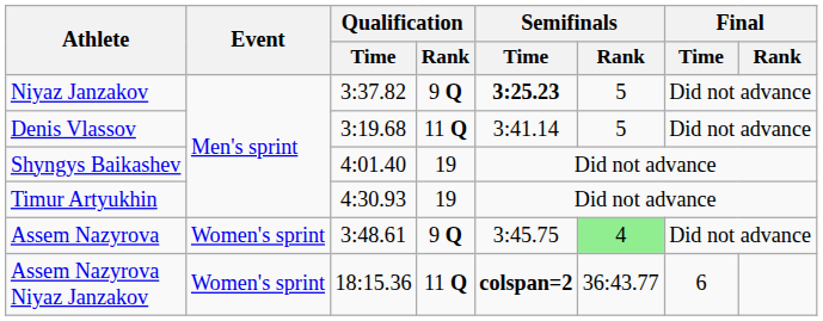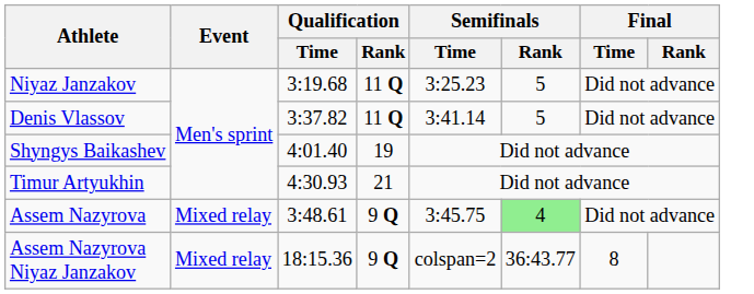 <table class="wikitable" style="font-size:90%">
 <tr>
 <th rowspan=2>Athlete</th>
 <th rowspan=2>Event</th>
 <th colspan=2>Qualification</th>
 <th colspan=2>Semifinals</th>
 <th colspan=2>Final</th>
 </tr>
 <tr style="font-size:95%">
 <th>Time</th>
 <th>Rank</th>
 <th>Time</th>
 <th>Rank</th>
 <th>Time</th>
 <th>Rank</th>
 </tr>
 <tr align=center>
 <td align=left><a href='#'>Niyaz Janzakov</a></td>
 <td align=left rowspan=4><a href='#'>Men's sprint</a></td>
-<td>3:37.82</td>
-<td>9 <strong>Q</strong></td>
-<td><strong>3:25.23</strong></td>
+<td>3:19.68</td>
+<td>11 <strong>Q</strong></td>
+<td>3:25.23</td>
 <td>5</td>
 <td colspan=2>Did not advance</td>
 </tr>
 <tr align=center>
 <td align=left><a href='#'>Denis Vlassov</a></td>
-<td>3:19.68</td>
+<td>3:37.82</td>
 <td>11 <strong>Q</strong></td>
 <td>3:41.14</td>
 <td>5</td>
 <td colspan=2>Did not advance</td>
 </tr>
 <tr align=center>
 <td align=left><a href='#'>Shyngys Baikashev</a></td>
 <td>4:01.40</td>
 <td>19</td>
 <td colspan=4>Did not advance</td>
 </tr>
 <tr align=center>
 <td align=left><a href='#'>Timur Artyukhin</a></td>
 <td>4:30.93</td>
-<td>19</td>
+<td>21</td>
 <td colspan=4>Did not advance</td>
 </tr>
 <tr align=center>
 <td align=left><a href='#'>Assem Nazyrova</a></td>
-<td align=left><a href='#'>Women's sprint</a></td>
+<td align=left><a href='#'>Mixed relay</a></td>
 <td>3:48.61</td>
 <td>9 <strong>Q</strong></td>
 <td>3:45.75</td>
 <td style="background: lightgreen;">4</td>
 <td colspan=2>Did not advance</td>
 </tr>
 <tr align=center>
 <td align=left><a href='#'>Assem Nazyrova</a><br><a href='#'>Niyaz Janzakov</a></td>
-<td align=left><a href='#'>Women's sprint</a></td>
+<td align=left><a href='#'>Mixed relay</a></td>
 <td>18:15.36</td>
-<td>11 <strong>Q</strong></td>
-<td><strong>colspan=2 </strong></td>
+<td>9 <strong>Q</strong></td>
+<td>colspan=2 </td>
 <td>36:43.77</td>
-<td>6</td>
+<td>8</td>
 </tr>
 </table>
